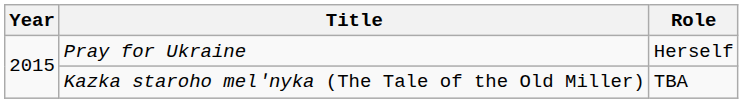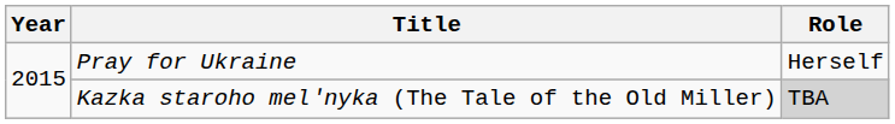 <table class="wikitable sortable">
 <tr>
 <th>Year</th>
 <th>Title</th>
 <th>Role</th>
 </tr>
 <tr>
 <td rowspan="2">2015</td>
 <td><em>Pray for Ukraine</em></td>
 <td>Herself</td>
 </tr>
 <tr>
 <td><em>Kazka staroho melʹnyka</em> (The Tale of the Old Miller)</td>
-<td>TBA</td>
+<td style="background: lightgrey;">TBA</td>
 </tr>
 </table>
